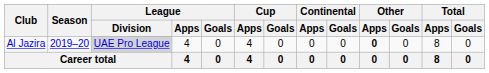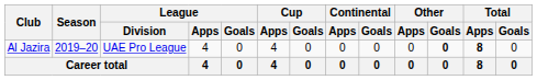 <table class="wikitable" style="text-align: center">
 <tr>
 <th rowspan="2">Club</th>
 <th rowspan="2">Season</th>
 <th colspan="3">League</th>
 <th colspan="2">Cup</th>
 <th colspan="2">Continental</th>
 <th colspan="2">Other</th>
 <th colspan="2">Total</th>
 </tr>
 <tr>
 <th>Division</th>
 <th>Apps</th>
 <th>Goals</th>
 <th>Apps</th>
 <th>Goals</th>
 <th>Apps</th>
 <th>Goals</th>
 <th>Apps</th>
 <th>Goals</th>
 <th>Apps</th>
 <th>Goals</th>
 </tr>
 <tr>
 <td><a href='#'>Al Jazira</a></td>
 <td><a href='#'>2019–20</a></td>
-<td style="background: lightgrey;"><a href='#'>UAE Pro League</a></td>
+<td><a href='#'>UAE Pro League</a></td>
 <td>4</td>
 <td>0</td>
 <td>4</td>
 <td>0</td>
 <td>0</td>
 <td>0</td>
+<td>0</td>
 <td><strong>0</strong></td>
-<td>0</td>
-<td>8</td>
+<td><strong>8</strong></td>
 <td>0</td>
 </tr>
 <tr>
 <th colspan="3"><strong>Career total</strong></th>
 <th>4</th>
 <th>0</th>
 <th>4</th>
 <th>0</th>
 <th>0</th>
 <th>0</th>
 <th>0</th>
 <th>0</th>
 <th>8</th>
 <th>0</th>
 </tr>
 </table>
